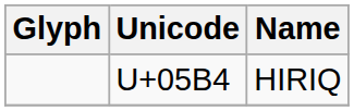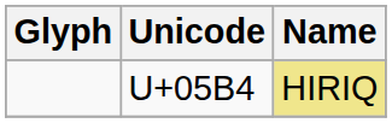 <table class="wikitable">
 <tr>
 <th>Glyph</th>
 <th>Unicode</th>
 <th>Name</th>
 </tr>
 <tr>
 <td><span></span></td>
 <td>U+05B4</td>
-<td>HIRIQ</td>
+<td style="background: khaki;">HIRIQ</td>
 </tr>
 <tr>
 </tr>
 </table>
